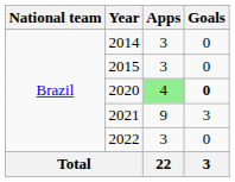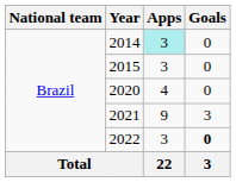 <table class="wikitable" style="text-align:center">
 <tr>
 <th>National team</th>
 <th>Year</th>
 <th>Apps</th>
 <th>Goals</th>
 </tr>
 <tr>
 <td rowspan="5"><a href='#'>Brazil</a></td>
 <td>2014</td>
-<td>3</td>
+<td style="background: paleturquoise;">3</td>
 <td>0</td>
 </tr>
 <tr>
 <td>2015</td>
 <td>3</td>
 <td>0</td>
 </tr>
 <tr>
 <td>2020</td>
-<td style="background: lightgreen;">4</td>
-<td><strong>0</strong></td>
+<td>4</td>
+<td>0</td>
 </tr>
 <tr>
 <td>2021</td>
 <td>9</td>
 <td>3</td>
 </tr>
 <tr>
 <td>2022</td>
 <td>3</td>
-<td>0</td>
+<td><strong>0</strong></td>
 </tr>
 <tr>
 <th colspan="2">Total</th>
 <th>22</th>
 <th>3</th>
 </tr>
 </table>
